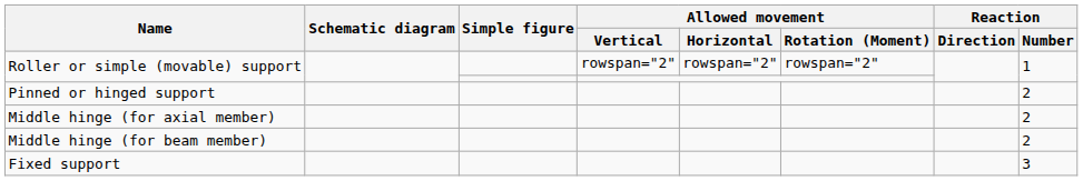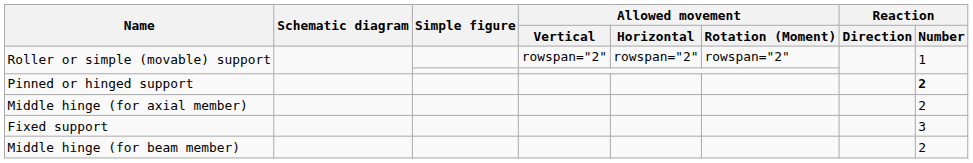 <table class = "wikitable">
 <tr>
 <th rowspan="2">Name</th>
 <th rowspan="2">Schematic diagram</th>
 <th rowspan="2">Simple figure</th>
 <th colspan="3">Allowed movement</th>
 <th colspan="2">Reaction</th>
 </tr>
 <tr>
 <th>Vertical</th>
 <th>Horizontal</th>
 <th>Rotation (Moment)</th>
 <th>Direction</th>
 <th>Number</th>
 </tr>
 <tr>
 <td rowspan="2">Roller or simple (movable) support</td>
 <td rowspan="2"></td>
 <td></td>
 <td>rowspan="2" </td>
 <td>rowspan="2" </td>
 <td>rowspan="2" </td>
 <td rowspan="2"></td>
 <td rowspan="2">1</td>
 </tr>
 <tr>
 <td></td>
 </tr>
 <tr>
 <td>Pinned or hinged support</td>
 <td></td>
 <td></td>
 <td></td>
 <td></td>
 <td></td>
 <td></td>
-<td>2</td>
+<td><strong>2</strong></td>
 </tr>
 <tr>
 <td>Middle hinge (for axial member)</td>
-<td></td>
-<td></td>
-<td></td>
-<td></td>
-<td></td>
-<td></td>
-<td>2</td>
-</tr>
-<tr>
-<td>Middle hinge (for beam member)</td>
 <td></td>
 <td></td>
 <td></td>
 <td></td>
 <td></td>
 <td></td>
 <td>2</td>
 </tr>
 <tr>
 <td>Fixed support</td>
 <td></td>
 <td></td>
 <td></td>
 <td></td>
 <td></td>
 <td></td>
 <td>3</td>
 </tr>
+<tr>
+<td>Middle hinge (for beam member)</td>
+<td></td>
+<td></td>
+<td></td>
+<td></td>
+<td></td>
+<td></td>
+<td>2</td>
+</tr>
 </table>
